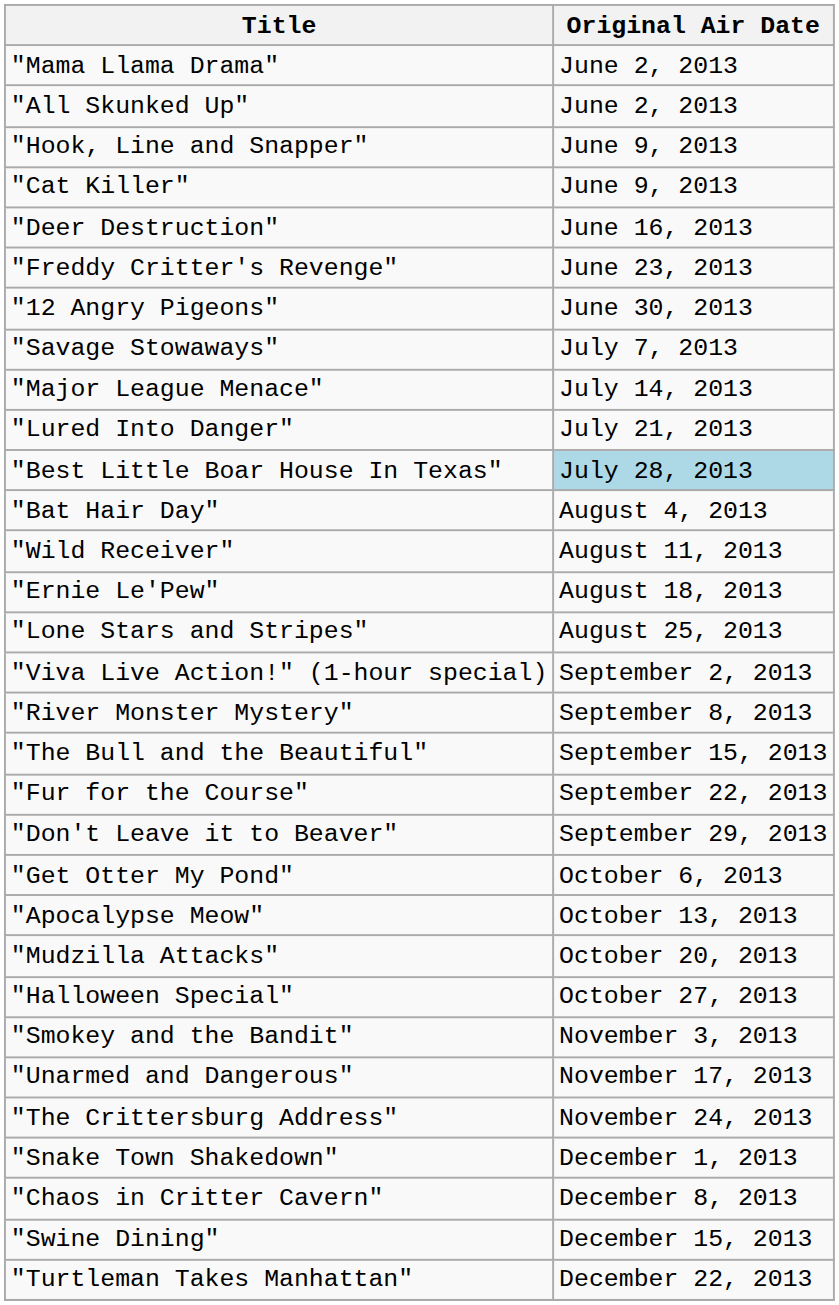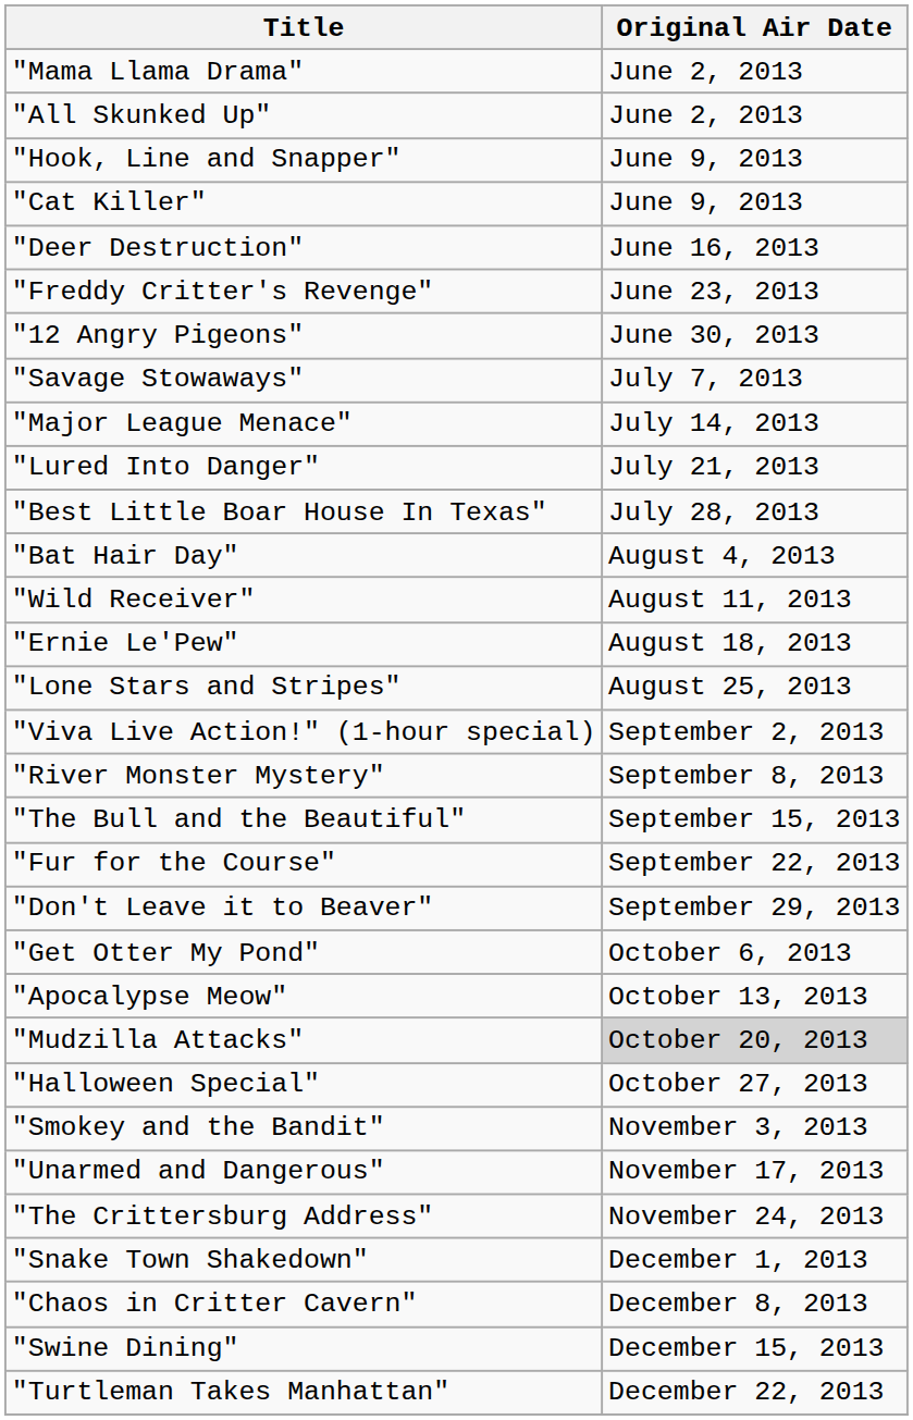 <table class="wikitable">
 <tr>
 <th>Title</th>
 <th>Original Air Date</th>
 </tr>
 <tr>
 <td>"Mama Llama Drama"</td>
 <td>June 2, 2013</td>
 </tr>
 <tr>
 <td>"All Skunked Up"</td>
 <td>June 2, 2013</td>
 </tr>
 <tr>
 <td>"Hook, Line and Snapper"</td>
 <td>June 9, 2013</td>
 </tr>
 <tr>
 <td>"Cat Killer"</td>
 <td>June 9, 2013</td>
 </tr>
 <tr>
 <td>"Deer Destruction"</td>
 <td>June 16, 2013</td>
 </tr>
 <tr>
 <td>"Freddy Critter's Revenge"</td>
 <td>June 23, 2013</td>
 </tr>
 <tr>
 <td>"12 Angry Pigeons"</td>
 <td>June 30, 2013</td>
 </tr>
 <tr>
 <td>"Savage Stowaways"</td>
 <td>July 7, 2013</td>
 </tr>
 <tr>
 <td>"Major League Menace"</td>
 <td>July 14, 2013</td>
 </tr>
 <tr>
 <td>"Lured Into Danger"</td>
 <td>July 21, 2013</td>
 </tr>
 <tr>
 <td>"Best Little Boar House In Texas"</td>
-<td style="background: lightblue;">July 28, 2013</td>
+<td>July 28, 2013</td>
 </tr>
 <tr>
 <td>"Bat Hair Day"</td>
 <td>August 4, 2013</td>
 </tr>
 <tr>
 <td>"Wild Receiver"</td>
 <td>August 11, 2013</td>
 </tr>
 <tr>
 <td>"Ernie Le'Pew"</td>
 <td>August 18, 2013</td>
 </tr>
 <tr>
 <td>"Lone Stars and Stripes"</td>
 <td>August 25, 2013</td>
 </tr>
 <tr>
 <td>"Viva Live Action!" (1-hour special)</td>
 <td>September 2, 2013</td>
 </tr>
 <tr>
 <td>"River Monster Mystery"</td>
 <td>September 8, 2013</td>
 </tr>
 <tr>
 <td>"The Bull and the Beautiful"</td>
 <td>September 15, 2013</td>
 </tr>
 <tr>
 <td>"Fur for the Course"</td>
 <td>September 22, 2013</td>
 </tr>
 <tr>
 <td>"Don't Leave it to Beaver"</td>
 <td>September 29, 2013</td>
 </tr>
 <tr>
 <td>"Get Otter My Pond"</td>
 <td>October 6, 2013</td>
 </tr>
 <tr>
 <td>"Apocalypse Meow"</td>
 <td>October 13, 2013</td>
 </tr>
 <tr>
 <td>"Mudzilla Attacks"</td>
-<td>October 20, 2013</td>
+<td style="background: lightgrey;">October 20, 2013</td>
 </tr>
 <tr>
 <td>"Halloween Special"</td>
 <td>October 27, 2013</td>
 </tr>
 <tr>
 <td>"Smokey and the Bandit"</td>
 <td>November 3, 2013</td>
 </tr>
 <tr>
 <td>"Unarmed and Dangerous"</td>
 <td>November 17, 2013</td>
 </tr>
 <tr>
 <td>"The Crittersburg Address"</td>
 <td>November 24, 2013</td>
 </tr>
 <tr>
 <td>"Snake Town Shakedown"</td>
 <td>December 1, 2013</td>
 </tr>
 <tr>
 <td>"Chaos in Critter Cavern"</td>
 <td>December 8, 2013</td>
 </tr>
 <tr>
 <td>"Swine Dining"</td>
 <td>December 15, 2013</td>
 </tr>
 <tr>
 <td>"Turtleman Takes Manhattan"</td>
 <td>December 22, 2013</td>
 </tr>
 <tr>
 </tr>
 </table>
